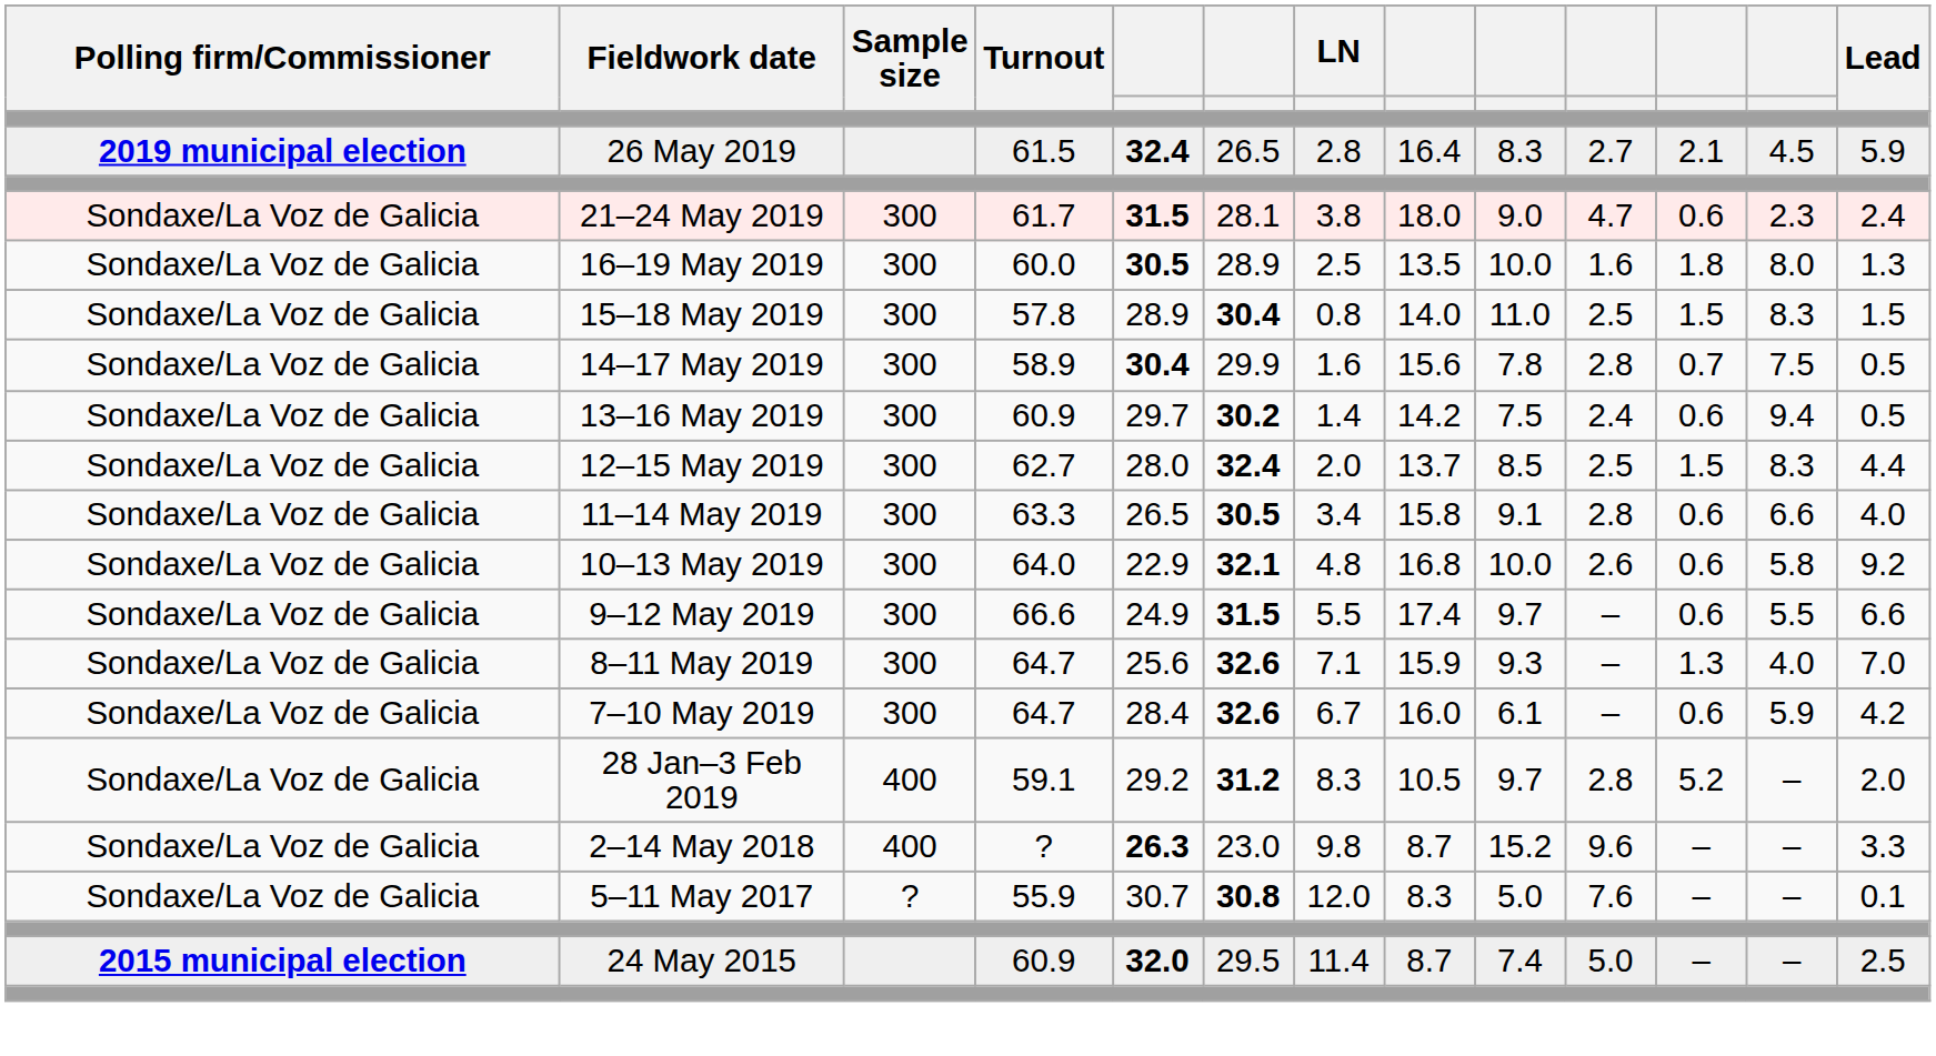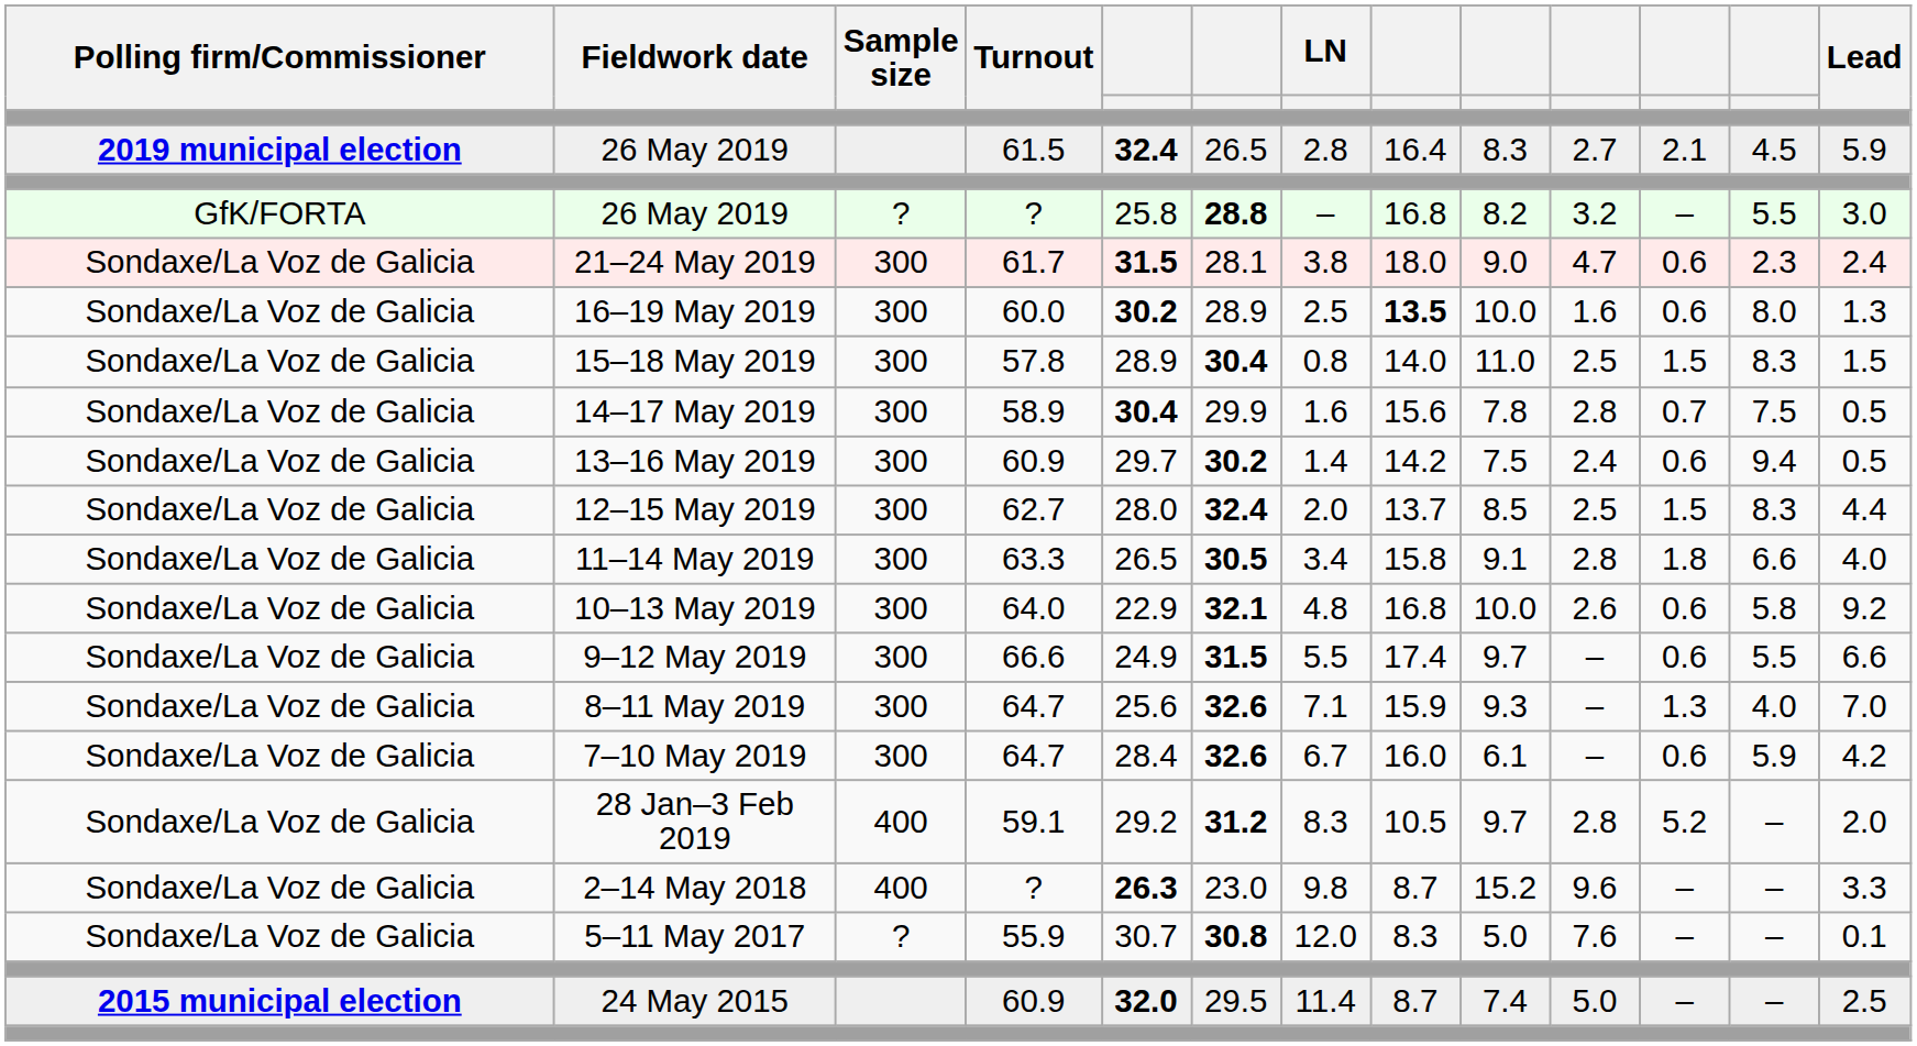 <table class="wikitable collapsible collapsed" style="text-align:center; font-size:95%; line-height:16px;">
 <tr style="height:42px;">
 <th style="width:250px;" rowspan="2">Polling firm/Commissioner</th>
 <th style="width:125px;" rowspan="2">Fieldwork date</th>
 <th style="width:50px;" rowspan="2">Sample size</th>
 <th style="width:45px;" rowspan="2">Turnout</th>
 <th style="width:35px;"></th>
 <th style="width:35px;"></th>
 <th style="width:35px;">LN</th>
 <th style="width:35px;"></th>
 <th style="width:35px;"></th>
 <th style="width:35px;"></th>
 <th style="width:35px;"></th>
 <th style="width:35px;"></th>
 <th style="width:30px;" rowspan="2">Lead</th>
 </tr>
 <tr>
 <th style="color:inherit;background:"></th>
 <th style="color:inherit;background:"></th>
 <th style="color:inherit;background:"></th>
 <th style="color:inherit;background:"></th>
 <th style="color:inherit;background:"></th>
 <th style="color:inherit;background:"></th>
 <th style="color:inherit;background:"></th>
 <th style="color:inherit;background:"></th>
 </tr>
 <tr>
 <td colspan="13" style="background:#A0A0A0"></td>
 </tr>
 <tr style="background:#EFEFEF;">
 <td><strong><a href='#'>2019 municipal election</a></strong></td>
 <td>26 May 2019</td>
 <td></td>
 <td>61.5</td>
 <td><strong>32.4</strong><br></td>
 <td>26.5<br></td>
 <td>2.8<br></td>
 <td>16.4<br></td>
 <td>8.3<br></td>
 <td>2.7<br></td>
 <td>2.1<br></td>
 <td>4.5<br></td>
 <td style="background:">5.9</td>
 </tr>
 <tr>
 <td colspan="13" style="background:#A0A0A0"></td>
 </tr>
+<tr style="background:#EAFFEA;">
+<td>GfK/FORTA</td>
+<td>26 May 2019</td>
+<td>?</td>
+<td>?</td>
+<td>25.8<br></td>
+<td><strong>28.8</strong><br></td>
+<td>–</td>
+<td>16.8<br></td>
+<td>8.2<br></td>
+<td>3.2<br></td>
+<td>–</td>
+<td>5.5<br></td>
+<td style="background:">3.0</td>
+</tr>
 <tr style="background:#FFEAEA;">
 <td>Sondaxe/La Voz de Galicia</td>
 <td>21–24 May 2019</td>
 <td>300</td>
 <td>61.7</td>
 <td><strong>31.5</strong><br></td>
 <td>28.1<br></td>
 <td>3.8<br></td>
 <td>18.0<br></td>
 <td>9.0<br></td>
 <td>4.7<br></td>
 <td>0.6<br></td>
 <td>2.3<br></td>
 <td style="background:">2.4</td>
 </tr>
 <tr>
 <td>Sondaxe/La Voz de Galicia</td>
 <td>16–19 May 2019</td>
 <td>300</td>
 <td>60.0</td>
-<td><strong>30.5</strong><br></td>
+<td><strong>30.2</strong><br></td>
 <td>28.9<br></td>
 <td>2.5<br></td>
-<td>13.5<br></td>
+<td><strong>13.5<br></strong></td>
 <td>10.0<br></td>
 <td>1.6<br></td>
-<td>1.8<br></td>
+<td>0.6<br></td>
 <td>8.0<br></td>
 <td style="background:">1.3</td>
 </tr>
 <tr>
 <td>Sondaxe/La Voz de Galicia</td>
 <td>15–18 May 2019</td>
 <td>300</td>
 <td>57.8</td>
 <td>28.9<br></td>
 <td><strong>30.4</strong><br></td>
 <td>0.8<br></td>
 <td>14.0<br></td>
 <td>11.0<br></td>
 <td>2.5<br></td>
 <td>1.5<br></td>
 <td>8.3<br></td>
 <td style="background:">1.5</td>
 </tr>
 <tr>
 <td>Sondaxe/La Voz de Galicia</td>
 <td>14–17 May 2019</td>
 <td>300</td>
 <td>58.9</td>
 <td><strong>30.4</strong><br></td>
 <td>29.9<br></td>
 <td>1.6<br></td>
 <td>15.6<br></td>
 <td>7.8<br></td>
 <td>2.8<br></td>
 <td>0.7<br></td>
 <td>7.5<br></td>
 <td style="background:">0.5</td>
 </tr>
 <tr>
 <td>Sondaxe/La Voz de Galicia</td>
 <td>13–16 May 2019</td>
 <td>300</td>
 <td>60.9</td>
 <td>29.7<br></td>
 <td><strong>30.2</strong><br></td>
 <td>1.4<br></td>
 <td>14.2<br></td>
 <td>7.5<br></td>
 <td>2.4<br></td>
 <td>0.6<br></td>
 <td>9.4<br></td>
 <td style="background:">0.5</td>
 </tr>
 <tr>
 <td>Sondaxe/La Voz de Galicia</td>
 <td>12–15 May 2019</td>
 <td>300</td>
 <td>62.7</td>
 <td>28.0<br></td>
 <td><strong>32.4</strong><br></td>
 <td>2.0<br></td>
 <td>13.7<br></td>
 <td>8.5<br></td>
 <td>2.5<br></td>
 <td>1.5<br></td>
 <td>8.3<br></td>
 <td style="background:">4.4</td>
 </tr>
 <tr>
 <td>Sondaxe/La Voz de Galicia</td>
 <td>11–14 May 2019</td>
 <td>300</td>
 <td>63.3</td>
 <td>26.5<br></td>
 <td><strong>30.5</strong><br></td>
 <td>3.4<br></td>
 <td>15.8<br></td>
 <td>9.1<br></td>
 <td>2.8<br></td>
-<td>0.6<br></td>
+<td>1.8<br></td>
 <td>6.6<br></td>
 <td style="background:">4.0</td>
 </tr>
 <tr>
 <td>Sondaxe/La Voz de Galicia</td>
 <td>10–13 May 2019</td>
 <td>300</td>
 <td>64.0</td>
 <td>22.9<br></td>
 <td><strong>32.1</strong><br></td>
 <td>4.8<br></td>
 <td>16.8<br></td>
 <td>10.0<br></td>
 <td>2.6<br></td>
 <td>0.6<br></td>
 <td>5.8<br></td>
 <td style="background:">9.2</td>
 </tr>
 <tr>
 <td>Sondaxe/La Voz de Galicia</td>
 <td>9–12 May 2019</td>
 <td>300</td>
 <td>66.6</td>
 <td>24.9<br></td>
 <td><strong>31.5</strong><br></td>
 <td>5.5<br></td>
 <td>17.4<br></td>
 <td>9.7<br></td>
 <td>–</td>
 <td>0.6<br></td>
 <td>5.5<br></td>
 <td style="background:">6.6</td>
 </tr>
 <tr>
 <td>Sondaxe/La Voz de Galicia</td>
 <td>8–11 May 2019</td>
 <td>300</td>
 <td>64.7</td>
 <td>25.6<br></td>
 <td><strong>32.6</strong><br></td>
 <td>7.1<br></td>
 <td>15.9<br></td>
 <td>9.3<br></td>
 <td>–</td>
 <td>1.3<br></td>
 <td>4.0<br></td>
 <td style="background:">7.0</td>
 </tr>
 <tr>
 <td>Sondaxe/La Voz de Galicia</td>
 <td>7–10 May 2019</td>
 <td>300</td>
 <td>64.7</td>
 <td>28.4<br></td>
 <td><strong>32.6</strong><br></td>
 <td>6.7<br></td>
 <td>16.0<br></td>
 <td>6.1<br></td>
 <td>–</td>
 <td>0.6<br></td>
 <td>5.9<br></td>
 <td style="background:">4.2</td>
 </tr>
 <tr>
 <td>Sondaxe/La Voz de Galicia</td>
 <td>28 Jan–3 Feb 2019</td>
 <td>400</td>
 <td>59.1</td>
 <td>29.2<br></td>
 <td><strong>31.2</strong><br></td>
 <td>8.3<br></td>
 <td>10.5<br></td>
 <td>9.7<br></td>
 <td>2.8<br></td>
 <td>5.2<br></td>
 <td>–</td>
 <td style="background:">2.0</td>
 </tr>
 <tr>
 <td>Sondaxe/La Voz de Galicia</td>
 <td>2–14 May 2018</td>
 <td>400</td>
 <td>?</td>
 <td><strong>26.3</strong><br></td>
 <td>23.0<br></td>
 <td>9.8<br></td>
 <td>8.7<br></td>
 <td>15.2<br></td>
 <td>9.6<br></td>
 <td>–</td>
 <td>–</td>
 <td style="background:">3.3</td>
 </tr>
 <tr>
 <td>Sondaxe/La Voz de Galicia</td>
 <td>5–11 May 2017</td>
 <td>?</td>
 <td>55.9</td>
 <td>30.7<br></td>
 <td><strong>30.8</strong><br></td>
 <td>12.0<br></td>
 <td>8.3<br></td>
 <td>5.0<br></td>
 <td>7.6<br></td>
 <td>–</td>
 <td>–</td>
 <td style="background:">0.1</td>
 </tr>
 <tr>
 <td colspan="13" style="background:#A0A0A0"></td>
 </tr>
 <tr style="background:#EFEFEF;">
 <td><strong><a href='#'>2015 municipal election</a></strong></td>
 <td>24 May 2015</td>
 <td></td>
 <td>60.9</td>
 <td><strong>32.0</strong><br></td>
 <td>29.5<br></td>
 <td>11.4<br></td>
 <td>8.7<br></td>
 <td>7.4<br></td>
 <td>5.0<br></td>
 <td>–</td>
 <td>–</td>
 <td style="background:">2.5</td>
 </tr>
 <tr>
 <td colspan="13" style="background:#A0A0A0"></td>
 </tr>
 </table>
